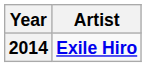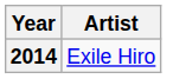 <table class="wikitable mw-collapsible mw-collapsed" style="font-size:small; text-align:center">
 <tr>
 <th>Year</th>
 <th>Artist</th>
 </tr>
 <tr>
 <th>2014</th>
-<td><strong><a href='#'>Exile Hiro</a></strong></td>
+<td><a href='#'>Exile Hiro</a></td>
 </tr>
 </table>
